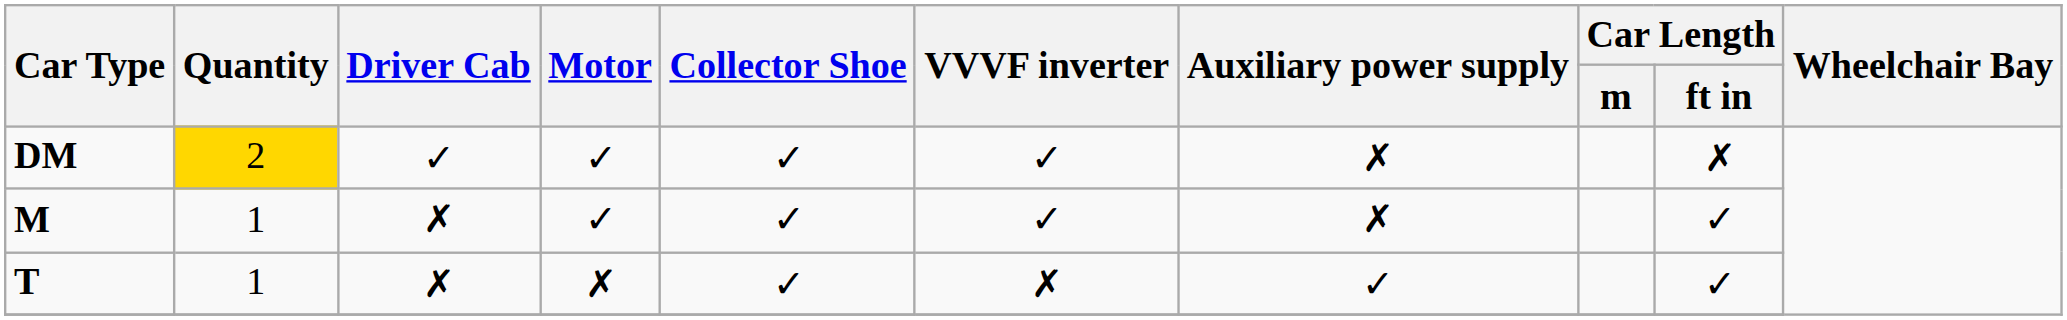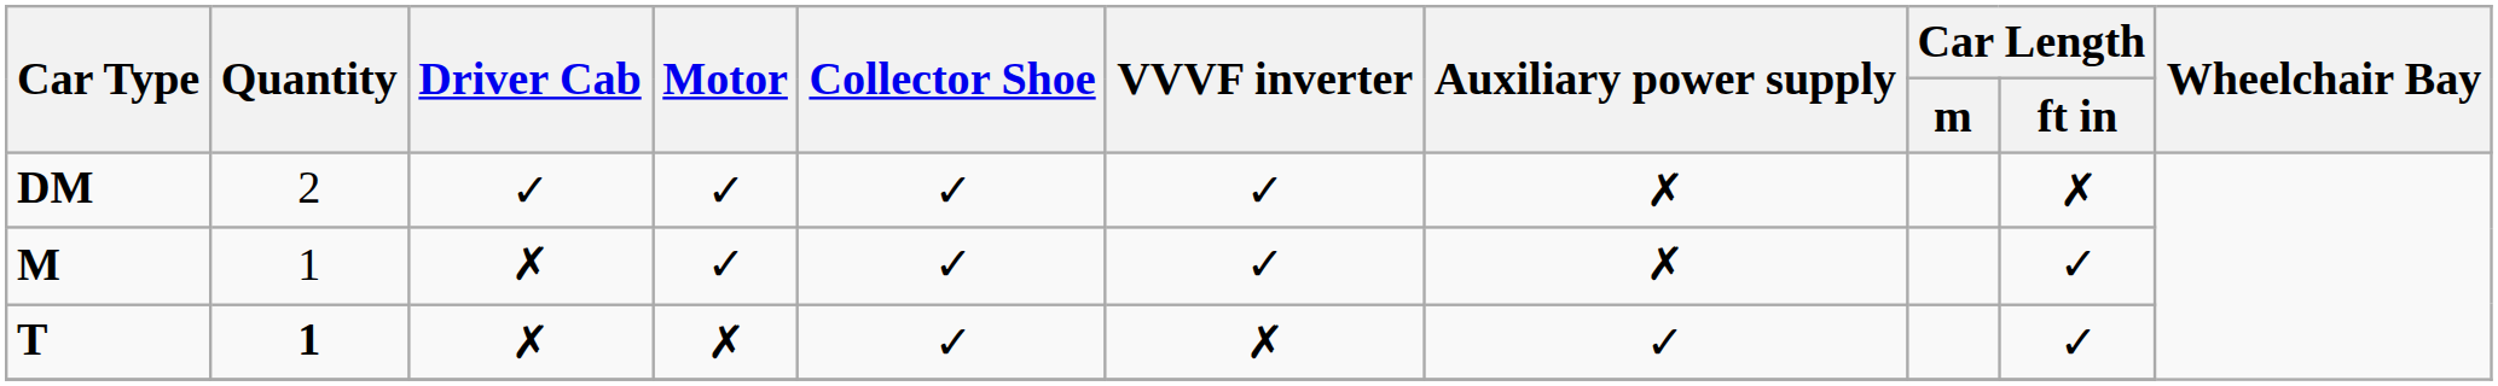 <table class="wikitable" style="text-align:center">
 <tr>
 <th rowspan=2>Car Type</th>
 <th rowspan=2>Quantity</th>
 <th rowspan=2><a href='#'>Driver Cab</a></th>
 <th rowspan=2><a href='#'>Motor</a></th>
 <th rowspan=2><a href='#'>Collector Shoe</a></th>
 <th rowspan=2>VVVF inverter</th>
 <th rowspan=2>Auxiliary power supply</th>
 <th colspan=2>Car Length</th>
 <th rowspan=2>Wheelchair Bay</th>
 </tr>
 <tr>
 <th bgcolor="#c0c0f0">m</th>
 <th bgcolor="#c0c0f0">ft in</th>
 </tr>
 <tr>
 <td style=text-align:left><strong>DM</strong></td>
-<td style="background: gold;">2</td>
+<td>2</td>
 <td><span>✓</span></td>
 <td><span>✓</span></td>
 <td><span>✓</span></td>
 <td><span>✓</span></td>
 <td><span>✗</span></td>
 <td></td>
 <td><span>✗</span></td>
 </tr>
 <tr>
 <td style=text-align:left><strong>M</strong></td>
 <td>1</td>
 <td><span>✗</span></td>
 <td><span>✓</span></td>
 <td><span>✓</span></td>
 <td><span>✓</span></td>
 <td><span>✗</span></td>
 <td></td>
 <td><span>✓</span></td>
 </tr>
 <tr>
 <td style=text-align:left><strong>T</strong></td>
-<td>1</td>
+<td><strong>1</strong></td>
 <td><span>✗</span></td>
 <td><span>✗</span></td>
 <td><span>✓</span></td>
 <td><span>✗</span></td>
 <td><span>✓</span></td>
 <td></td>
 <td><span>✓</span></td>
 </tr>
 <tr>
 </tr>
 </table>
